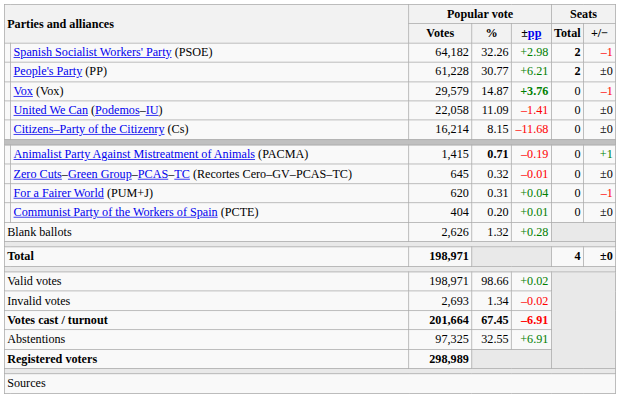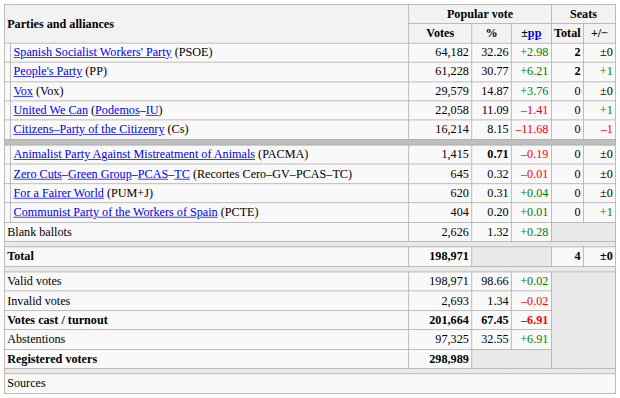 <table class="wikitable" style="text-align:right;">
 <tr>
 <th style="text-align:left;" rowspan="2" colspan="2" width="525">Parties and alliances</th>
 <th colspan="3">Popular vote</th>
 <th colspan="2">Seats</th>
 </tr>
 <tr>
 <th width="75">Votes</th>
 <th width="45">%</th>
 <th width="45">±<a href='#'>pp</a></th>
 <th width="35">Total</th>
 <th width="35">+/−</th>
 </tr>
 <tr>
 <td width="1" style="color:inherit;background:"></td>
 <td align="left"><a href='#'>Spanish Socialist Workers' Party</a> (PSOE)</td>
 <td>64,182</td>
 <td>32.26</td>
 <td style="color:green;">+2.98</td>
 <td><strong>2</strong></td>
-<td style="color:red;">–1</td>
+<td>±0</td>
 </tr>
 <tr>
 <td style="color:inherit;background:"></td>
 <td align="left"><a href='#'>People's Party</a> (PP)</td>
 <td>61,228</td>
 <td>30.77</td>
 <td style="color:green;">+6.21</td>
 <td><strong>2</strong></td>
-<td>±0</td>
+<td style="color:green;">+1</td>
 </tr>
 <tr>
 <td style="color:inherit;background:"></td>
 <td align="left"><a href='#'>Vox</a> (Vox)</td>
 <td>29,579</td>
 <td>14.87</td>
-<td style="color:green;"><strong>+3.76</strong></td>
+<td style="color:green;">+3.76</td>
 <td>0</td>
-<td style="color:red;">–1</td>
+<td>±0</td>
 </tr>
 <tr>
 <td style="color:inherit;background:"></td>
 <td align="left"><a href='#'>United We Can</a> (<a href='#'>Podemos</a>–<a href='#'>IU</a>)</td>
 <td>22,058</td>
 <td>11.09</td>
 <td style="color:red;">–1.41</td>
 <td>0</td>
-<td>±0</td>
+<td style="color:green;">+1</td>
 </tr>
 <tr>
 <td style="color:inherit;background:"></td>
 <td align="left"><a href='#'>Citizens–Party of the Citizenry</a> (Cs)</td>
 <td>16,214</td>
 <td>8.15</td>
 <td style="color:red;">–11.68</td>
 <td>0</td>
-<td>±0</td>
+<td style="color:red;">–1</td>
 </tr>
 <tr>
 <td colspan="7" bgcolor="#C0C0C0"></td>
 </tr>
 <tr>
 <td style="color:inherit;background:"></td>
 <td align="left"><a href='#'>Animalist Party Against Mistreatment of Animals</a> (PACMA)</td>
 <td>1,415</td>
 <td><strong>0.71</strong></td>
 <td style="color:red;">–0.19</td>
 <td>0</td>
-<td style="color:green;">+1</td>
+<td>±0</td>
 </tr>
 <tr>
 <td style="color:inherit;background:"></td>
 <td align="left"><a href='#'>Zero Cuts</a>–<a href='#'>Green Group</a>–<a href='#'>PCAS</a>–<a href='#'>TC</a> (Recortes Cero–GV–PCAS–TC)</td>
 <td>645</td>
 <td>0.32</td>
 <td style="color:red;">–0.01</td>
 <td>0</td>
 <td>±0</td>
 </tr>
 <tr>
 <td style="color:inherit;background:"></td>
 <td align="left"><a href='#'>For a Fairer World</a> (PUM+J)</td>
 <td>620</td>
 <td>0.31</td>
 <td style="color:green;">+0.04</td>
 <td>0</td>
-<td style="color:red;">–1</td>
+<td>±0</td>
 </tr>
 <tr>
 <td style="color:inherit;background:"></td>
 <td align="left"><a href='#'>Communist Party of the Workers of Spain</a> (PCTE)</td>
 <td>404</td>
 <td>0.20</td>
 <td style="color:green;">+0.01</td>
 <td>0</td>
-<td>±0</td>
+<td style="color:green;">+1</td>
 </tr>
 <tr>
 <td align="left" colspan="2">Blank ballots</td>
 <td>2,626</td>
 <td>1.32</td>
 <td style="color:green;">+0.28</td>
 <td bgcolor="#E9E9E9" colspan="2"></td>
 </tr>
 <tr>
 <td colspan="7" bgcolor="#E9E9E9"></td>
 </tr>
 <tr style="font-weight:bold;">
 <td align="left" colspan="2">Total</td>
 <td>198,971</td>
 <td bgcolor="#E9E9E9" colspan="2"></td>
 <td>4</td>
 <td>±0</td>
 </tr>
 <tr>
 <td colspan="7" bgcolor="#E9E9E9"></td>
 </tr>
 <tr>
 <td align="left" colspan="2">Valid votes</td>
 <td>198,971</td>
 <td>98.66</td>
 <td style="color:green;">+0.02</td>
 <td bgcolor="#E9E9E9" colspan="2" rowspan="5"></td>
 </tr>
 <tr>
 <td align="left" colspan="2">Invalid votes</td>
 <td>2,693</td>
 <td>1.34</td>
 <td style="color:red;">–0.02</td>
 </tr>
 <tr style="font-weight:bold;">
 <td align="left" colspan="2">Votes cast / turnout</td>
 <td>201,664</td>
 <td>67.45</td>
 <td style="color:red;">–6.91</td>
 </tr>
 <tr>
 <td align="left" colspan="2">Abstentions</td>
 <td>97,325</td>
 <td>32.55</td>
 <td style="color:green;">+6.91</td>
 </tr>
 <tr style="font-weight:bold;">
 <td align="left" colspan="2">Registered voters</td>
 <td>298,989</td>
 <td bgcolor="#E9E9E9" colspan="2"></td>
 </tr>
 <tr>
 <td colspan="7" bgcolor="#E9E9E9"></td>
 </tr>
 <tr>
 <td align="left" colspan="7">Sources</td>
 </tr>
 </table>
